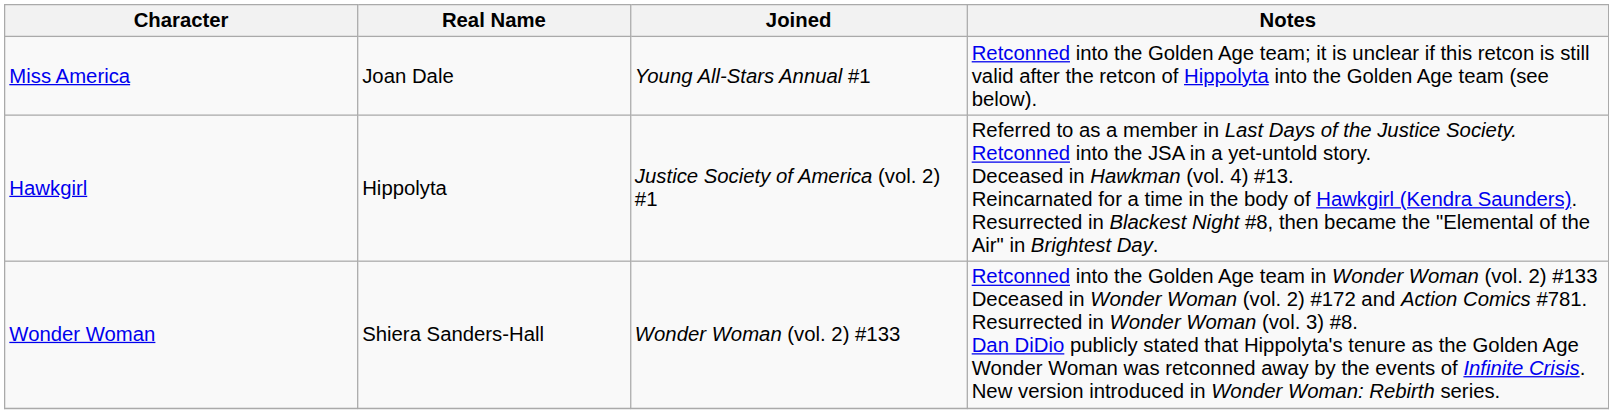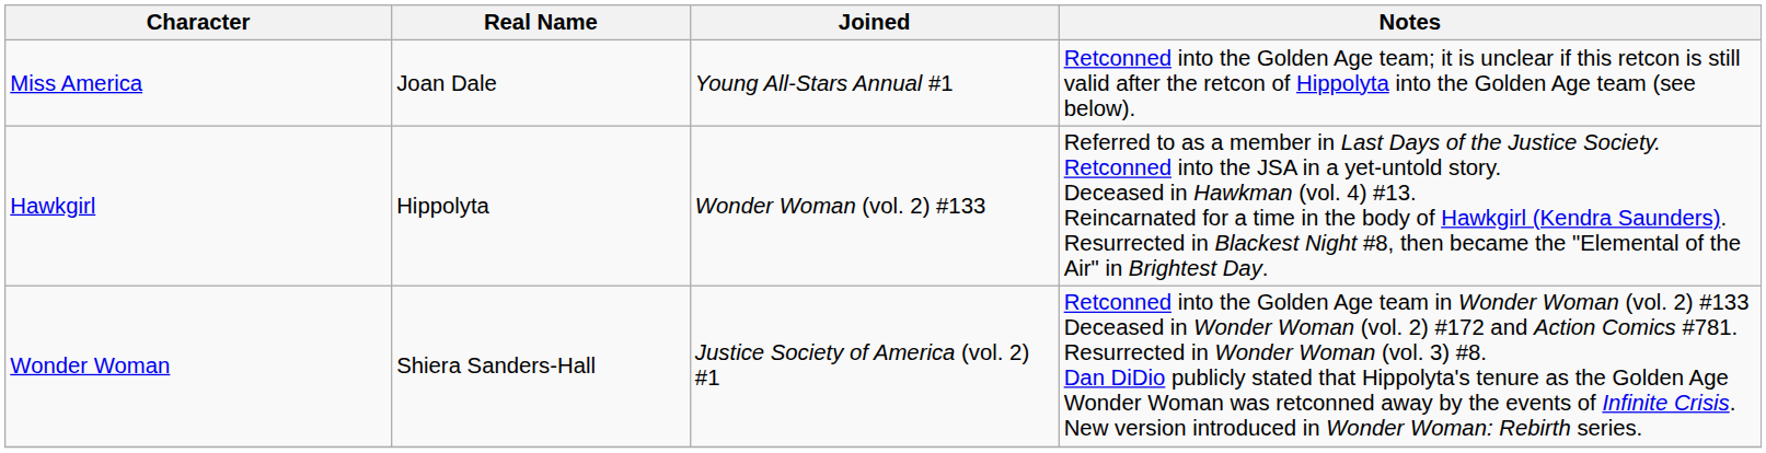 <table class="wikitable" width=100%>
 <tr>
 <th width=22%>Character</th>
 <th width=17%>Real Name</th>
 <th width=21%>Joined</th>
 <th width=40%>Notes</th>
 </tr>
 <tr>
 <td><a href='#'>Miss America</a></td>
 <td>Joan Dale</td>
 <td><em>Young All-Stars Annual</em> #1</td>
 <td><a href='#'>Retconned</a> into the Golden Age team; it is unclear if this retcon is still valid after the retcon of <a href='#'>Hippolyta</a> into the Golden Age team (see below).</td>
 </tr>
 <tr>
 <td><a href='#'>Hawkgirl</a></td>
 <td>Hippolyta</td>
-<td><em>Justice Society of America</em> (vol. 2) #1</td>
+<td><em>Wonder Woman</em> (vol. 2) #133</td>
 <td>Referred to as a member in <em>Last Days of the Justice Society. </em><a href='#'>Retconned</a> into the JSA in a yet-untold story.<br>Deceased in <em>Hawkman</em> (vol. 4) #13.<br>Reincarnated for a time in the body of <a href='#'>Hawkgirl (Kendra Saunders)</a>.<br>Resurrected in <em>Blackest Night</em> #8, then became the "Elemental of the Air" in <em>Brightest Day</em>.</td>
 </tr>
 <tr>
 <td><a href='#'>Wonder Woman</a></td>
 <td>Shiera Sanders-Hall</td>
-<td><em>Wonder Woman</em> (vol. 2) #133</td>
+<td><em>Justice Society of America</em> (vol. 2) #1</td>
 <td><a href='#'>Retconned</a> into the Golden Age team in <em>Wonder Woman</em> (vol. 2) #133<br>Deceased in <em>Wonder Woman</em> (vol. 2) #172 and <em>Action Comics</em> #781.<br>Resurrected in <em>Wonder Woman</em> (vol. 3) #8.<br><a href='#'>Dan DiDio</a> publicly stated that Hippolyta's tenure as the Golden Age Wonder Woman was retconned away by the events of <em><a href='#'>Infinite Crisis</a></em>.<br>New version introduced in <em>Wonder Woman: Rebirth</em> series.</td>
 </tr>
 <tr>
 </tr>
 </table>
